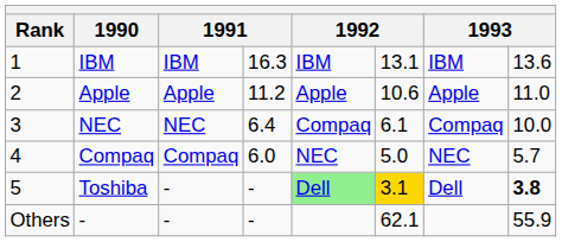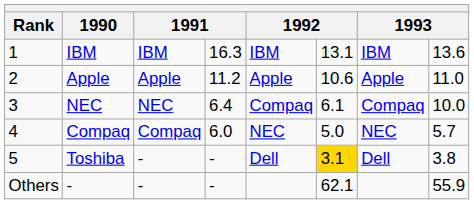 <table class="wikitable">
 <tr>
 <th colspan="8"></th>
 </tr>
 <tr>
 <th>Rank</th>
 <th>1990</th>
 <th colspan="2">1991</th>
 <th colspan="2">1992</th>
 <th colspan="2">1993</th>
 </tr>
 <tr>
 <td>1</td>
 <td><a href='#'>IBM</a></td>
 <td><a href='#'>IBM</a></td>
 <td>16.3</td>
 <td><a href='#'>IBM</a></td>
 <td>13.1</td>
 <td><a href='#'>IBM</a></td>
 <td>13.6</td>
 </tr>
 <tr>
 <td>2</td>
 <td><a href='#'>Apple</a></td>
 <td><a href='#'>Apple</a></td>
 <td>11.2</td>
 <td><a href='#'>Apple</a></td>
 <td>10.6</td>
 <td><a href='#'>Apple</a></td>
 <td>11.0</td>
 </tr>
 <tr>
 <td>3</td>
 <td><a href='#'>NEC</a></td>
 <td><a href='#'>NEC</a></td>
 <td>6.4</td>
 <td><a href='#'>Compaq</a></td>
 <td>6.1</td>
 <td><a href='#'>Compaq</a></td>
 <td>10.0</td>
 </tr>
 <tr>
 <td>4</td>
 <td><a href='#'>Compaq</a></td>
 <td><a href='#'>Compaq</a></td>
 <td>6.0</td>
 <td><a href='#'>NEC</a></td>
 <td>5.0</td>
 <td><a href='#'>NEC</a></td>
 <td>5.7</td>
 </tr>
 <tr>
 <td>5</td>
 <td><a href='#'>Toshiba</a></td>
 <td>-</td>
 <td>-</td>
-<td style="background: lightgreen;"><a href='#'>Dell</a></td>
+<td><a href='#'>Dell</a></td>
 <td style="background: gold;">3.1</td>
 <td><a href='#'>Dell</a></td>
-<td><strong>3.8</strong></td>
+<td>3.8</td>
 </tr>
 <tr>
 <td>Others</td>
 <td>-</td>
 <td>-</td>
 <td>-</td>
 <td></td>
 <td>62.1</td>
 <td></td>
 <td>55.9</td>
 </tr>
 </table>
